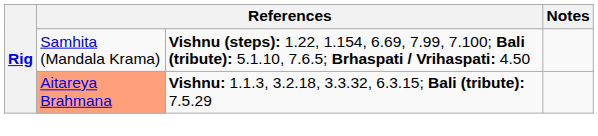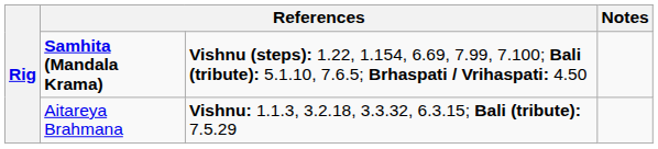 <table class="wikitable">
 <tr>
 <th rowspan="3"><a href='#'>Rig</a></th>
 <th colspan="2">References</th>
 <th>Notes</th>
 </tr>
 <tr>
-<td><a href='#'>Samhita</a> (Mandala Krama)</td>
+<td><strong><a href='#'>Samhita</a> (Mandala Krama)</strong></td>
 <td><strong>Vishnu (steps):</strong> 1.22, 1.154, 6.69, 7.99, 7.100; <strong>Bali (tribute):</strong> 5.1.10, 7.6.5; <strong>Brhaspati / Vrihaspati:</strong> 4.50</td>
 <td></td>
 </tr>
 <tr>
-<td style="background: lightsalmon;"><a href='#'>Aitareya Brahmana</a></td>
+<td><a href='#'>Aitareya Brahmana</a></td>
 <td><strong>Vishnu:</strong> 1.1.3, 3.2.18, 3.3.32, 6.3.15; <strong>Bali (tribute):</strong> 7.5.29</td>
 <td></td>
 </tr>
 </table>
